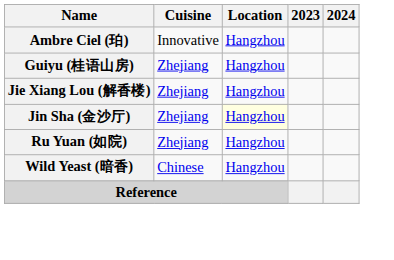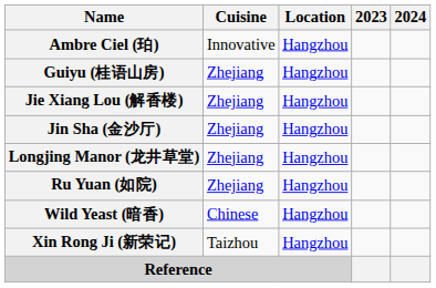 <table class="wikitable sortable plainrowheaders" style="text-align:left;"">
 <tr>
 <th scope="col">Name</th>
 <th scope="col">Cuisine</th>
 <th scope="col">Location</th>
 <th scope="col">2023</th>
 <th scope="col">2024</th>
 </tr>
 <tr>
 <th scope="row">Ambre Ciel (珀)</th>
 <td>Innovative</td>
 <td><a href='#'>Hangzhou</a></td>
 <td></td>
 <td></td>
 </tr>
 <tr>
 <th scope="row">Guiyu (桂语山房)</th>
 <td><a href='#'>Zhejiang</a></td>
 <td><a href='#'>Hangzhou</a></td>
 <td></td>
 <td></td>
 </tr>
 <tr>
 <th scope="row">Jie Xiang Lou (解香楼)</th>
 <td><a href='#'>Zhejiang</a></td>
 <td><a href='#'>Hangzhou</a></td>
 <td></td>
 <td></td>
 </tr>
 <tr>
 <th scope="row">Jin Sha (金沙厅)</th>
 <td><a href='#'>Zhejiang</a></td>
-<td style="background: lightyellow;"><a href='#'>Hangzhou</a></td>
+<td><a href='#'>Hangzhou</a></td>
+<td></td>
+<td></td>
+</tr>
+<tr>
+<th scope="row">Longjing Manor (龙井草堂)</th>
+<td><a href='#'>Zhejiang</a></td>
+<td><a href='#'>Hangzhou</a></td>
 <td></td>
 <td></td>
 </tr>
 <tr>
 <th scope="row">Ru Yuan (如院)</th>
 <td><a href='#'>Zhejiang</a></td>
 <td><a href='#'>Hangzhou</a></td>
 <td></td>
 <td></td>
 </tr>
 <tr>
 <th scope="row">Wild Yeast (暗香)</th>
 <td><a href='#'>Chinese</a></td>
 <td><a href='#'>Hangzhou</a></td>
 <td></td>
 <td></td>
 </tr>
 <tr>
+<th scope="row">Xin Rong Ji (新荣记)</th>
+<td>Taizhou</td>
+<td><a href='#'>Hangzhou</a></td>
+<td></td>
+<td></td>
+</tr>
+<tr>
 <th colspan="3" style="text-align: center;background: lightgray;">Reference</th>
 <th></th>
 <th></th>
 </tr>
 </table>
